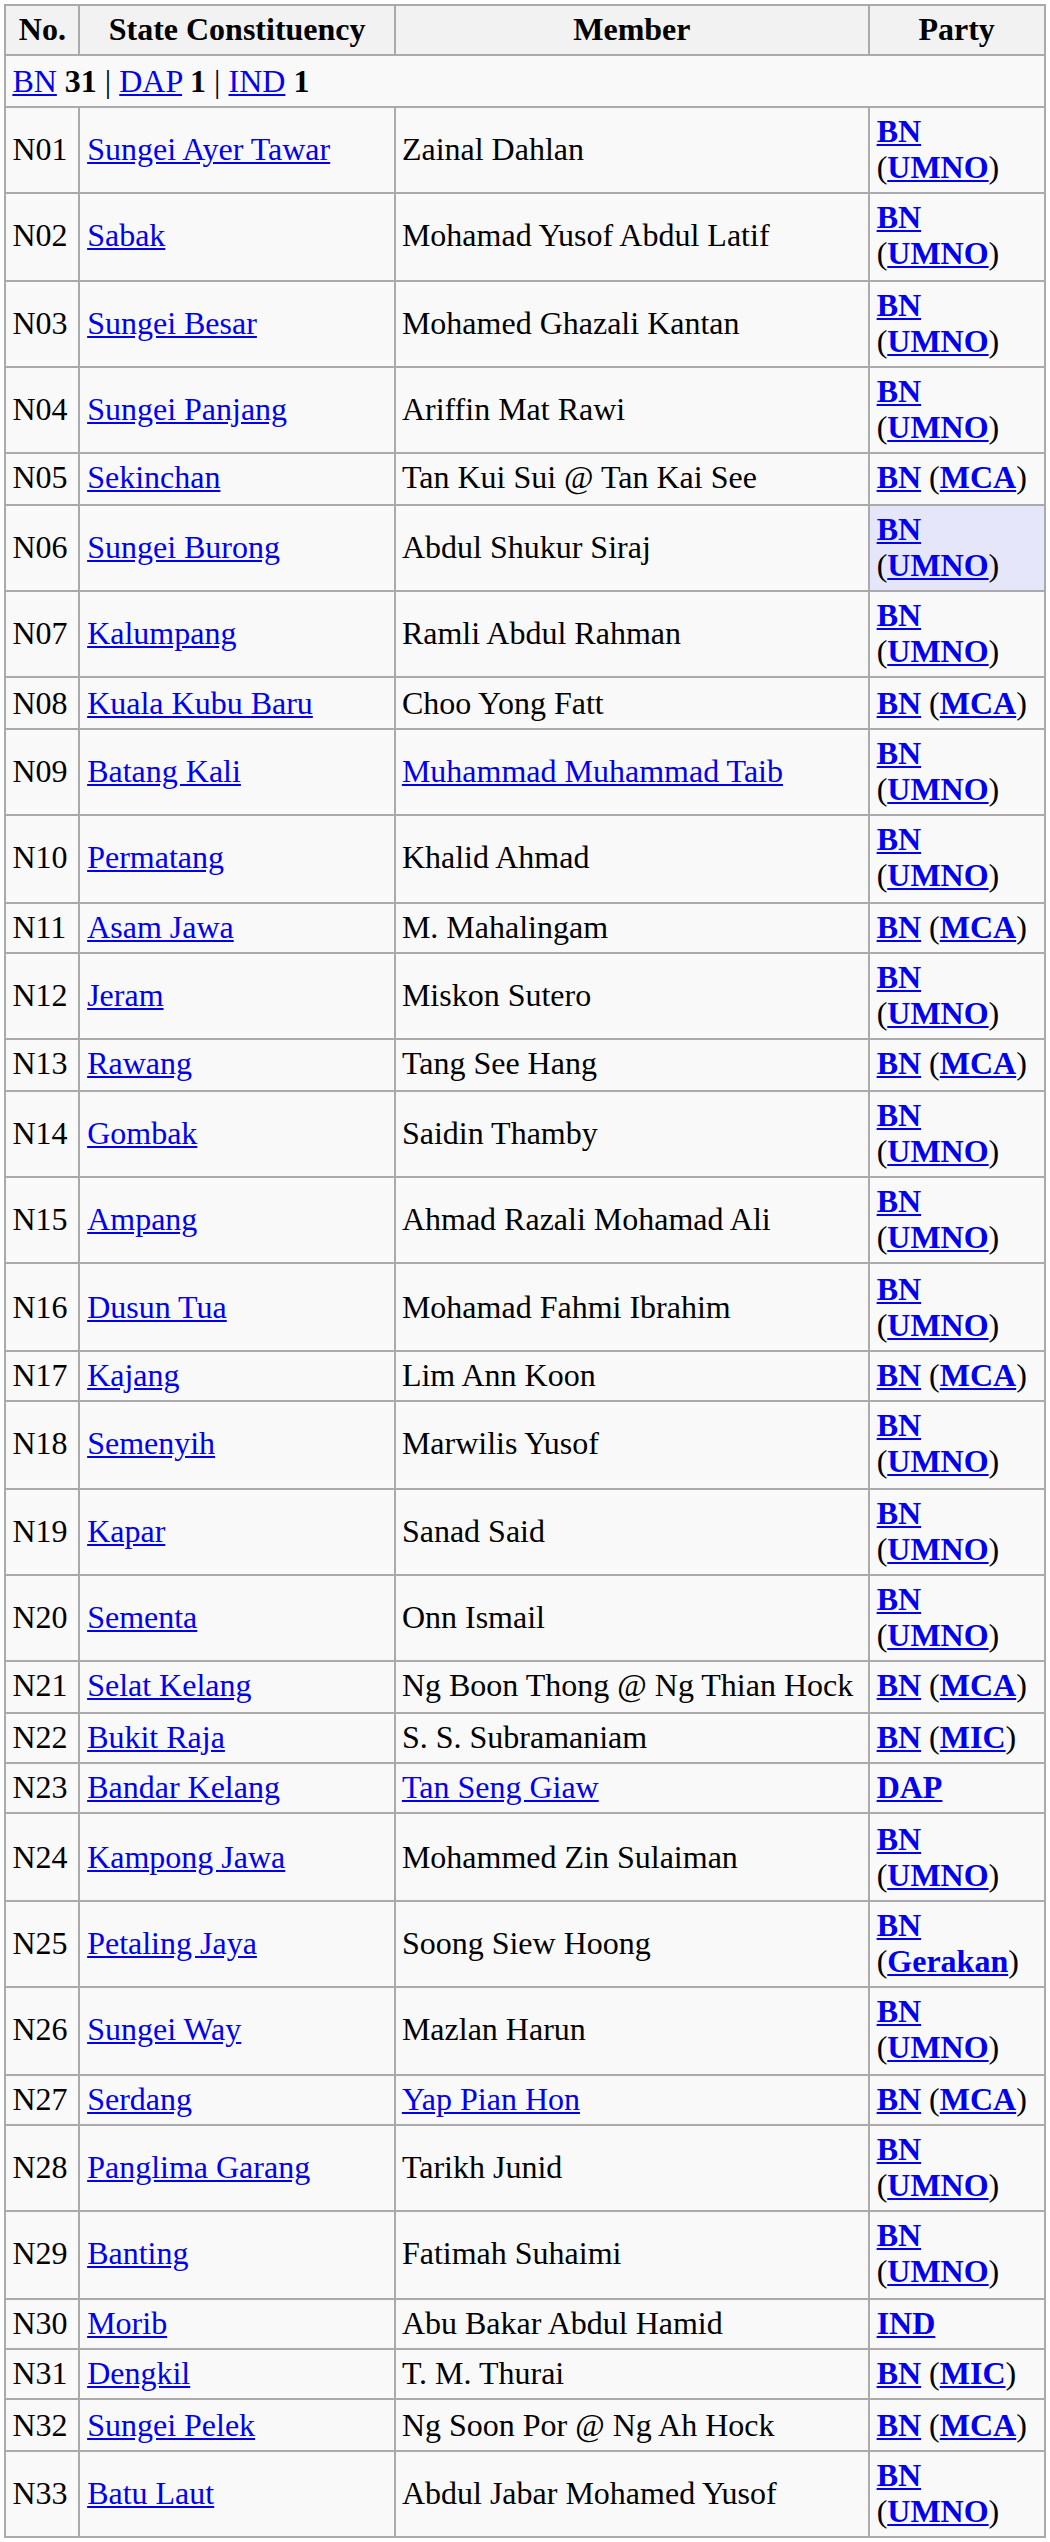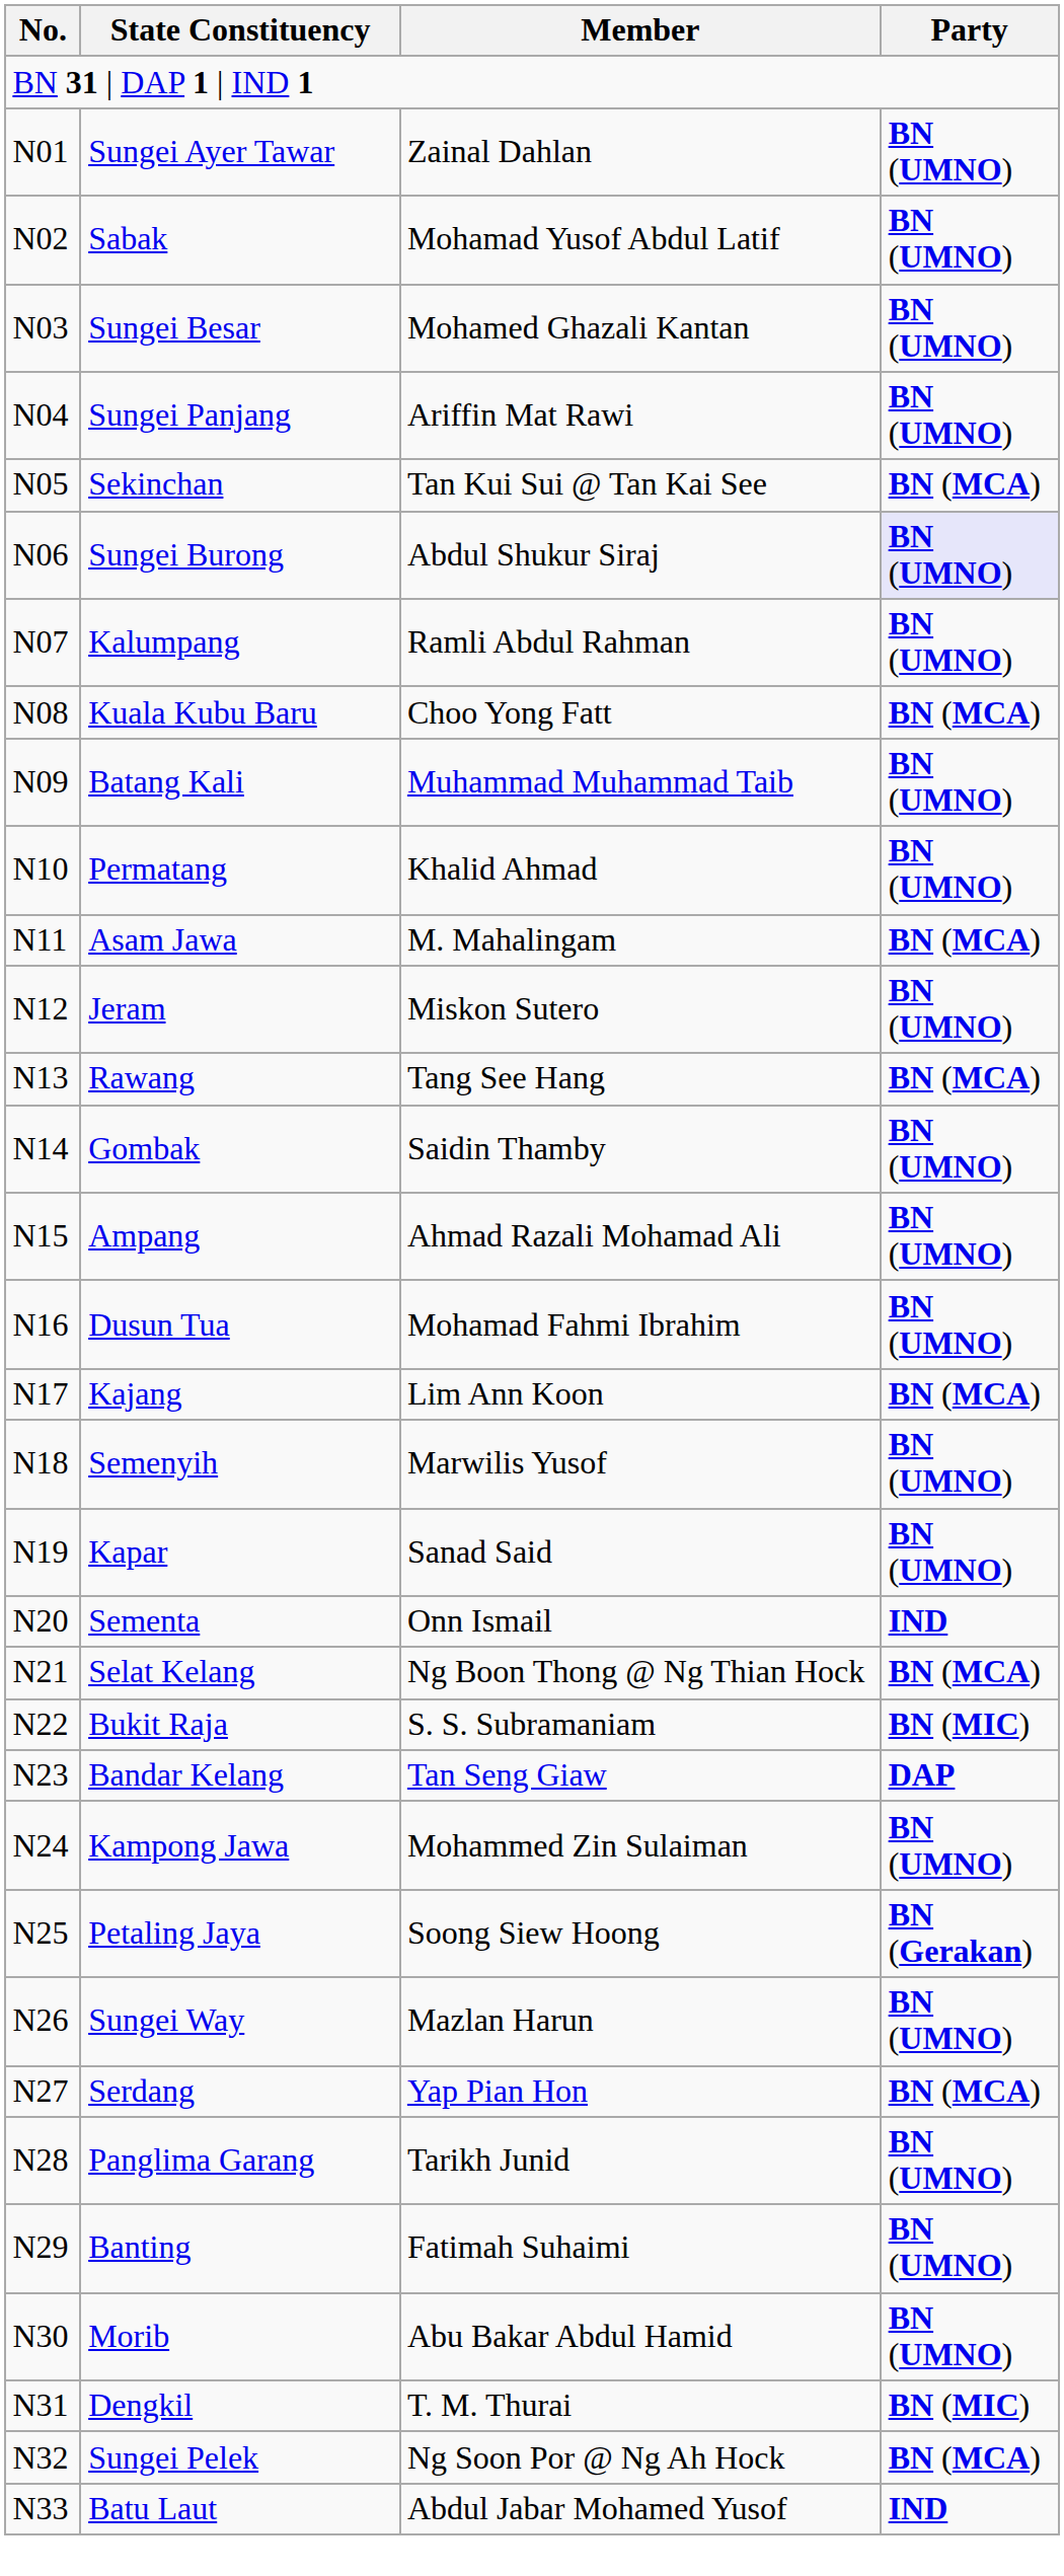 <table class="wikitable sortable">
 <tr>
 <th style="width:30px;">No.</th>
 <th style="width:150px;">State Constituency</th>
 <th style="width:230px;">Member</th>
 <th style="width:80px;">Party</th>
 </tr>
 <tr>
 <td colspan="4"><a href='#'>BN</a> <strong>31</strong> | <a href='#'>DAP</a> <strong>1</strong> | <a href='#'>IND</a> <strong>1</strong></td>
 </tr>
 <tr>
 <td>N01</td>
 <td><a href='#'>Sungei Ayer Tawar</a></td>
 <td>Zainal Dahlan</td>
 <td><strong><a href='#'>BN</a></strong> (<strong><a href='#'>UMNO</a></strong>)</td>
 </tr>
 <tr>
 <td>N02</td>
 <td><a href='#'>Sabak</a></td>
 <td>Mohamad Yusof Abdul Latif</td>
 <td><strong><a href='#'>BN</a></strong> (<strong><a href='#'>UMNO</a></strong>)</td>
 </tr>
 <tr>
 <td>N03</td>
 <td><a href='#'>Sungei Besar</a></td>
 <td>Mohamed Ghazali Kantan</td>
 <td><strong><a href='#'>BN</a></strong> (<strong><a href='#'>UMNO</a></strong>)</td>
 </tr>
 <tr>
 <td>N04</td>
 <td><a href='#'>Sungei Panjang</a></td>
 <td>Ariffin Mat Rawi</td>
 <td><strong><a href='#'>BN</a></strong> (<strong><a href='#'>UMNO</a></strong>)</td>
 </tr>
 <tr>
 <td>N05</td>
 <td><a href='#'>Sekinchan</a></td>
 <td>Tan Kui Sui @ Tan Kai See</td>
 <td><strong><a href='#'>BN</a></strong> (<strong><a href='#'>MCA</a></strong>)</td>
 </tr>
 <tr>
 <td>N06</td>
 <td><a href='#'>Sungei Burong</a></td>
 <td>Abdul Shukur Siraj</td>
 <td style="background: lavender;"><strong><a href='#'>BN</a></strong> (<strong><a href='#'>UMNO</a></strong>)</td>
 </tr>
 <tr>
 <td>N07</td>
 <td><a href='#'>Kalumpang</a></td>
 <td>Ramli Abdul Rahman</td>
 <td><strong><a href='#'>BN</a></strong> (<strong><a href='#'>UMNO</a></strong>)</td>
 </tr>
 <tr>
 <td>N08</td>
 <td><a href='#'>Kuala Kubu Baru</a></td>
 <td>Choo Yong Fatt</td>
 <td><strong><a href='#'>BN</a></strong> (<strong><a href='#'>MCA</a></strong>)</td>
 </tr>
 <tr>
 <td>N09</td>
 <td><a href='#'>Batang Kali</a></td>
 <td><a href='#'>Muhammad Muhammad Taib</a></td>
 <td><strong><a href='#'>BN</a></strong> (<strong><a href='#'>UMNO</a></strong>)</td>
 </tr>
 <tr>
 <td>N10</td>
 <td><a href='#'>Permatang</a></td>
 <td>Khalid Ahmad</td>
 <td><strong><a href='#'>BN</a></strong> (<strong><a href='#'>UMNO</a></strong>)</td>
 </tr>
 <tr>
 <td>N11</td>
 <td><a href='#'>Asam Jawa</a></td>
 <td>M. Mahalingam</td>
 <td><strong><a href='#'>BN</a></strong> (<strong><a href='#'>MCA</a></strong>)</td>
 </tr>
 <tr>
 <td>N12</td>
 <td><a href='#'>Jeram</a></td>
 <td>Miskon Sutero</td>
 <td><strong><a href='#'>BN</a></strong> (<strong><a href='#'>UMNO</a></strong>)</td>
 </tr>
 <tr>
 <td>N13</td>
 <td><a href='#'>Rawang</a></td>
 <td>Tang See Hang</td>
 <td><strong><a href='#'>BN</a></strong> (<strong><a href='#'>MCA</a></strong>)</td>
 </tr>
 <tr>
 <td>N14</td>
 <td><a href='#'>Gombak</a></td>
 <td>Saidin Thamby</td>
 <td><strong><a href='#'>BN</a></strong> (<strong><a href='#'>UMNO</a></strong>)</td>
 </tr>
 <tr>
 <td>N15</td>
 <td><a href='#'>Ampang</a></td>
 <td>Ahmad Razali Mohamad Ali</td>
 <td><strong><a href='#'>BN</a></strong> (<strong><a href='#'>UMNO</a></strong>)</td>
 </tr>
 <tr>
 <td>N16</td>
 <td><a href='#'>Dusun Tua</a></td>
 <td>Mohamad Fahmi Ibrahim</td>
 <td><strong><a href='#'>BN</a></strong> (<strong><a href='#'>UMNO</a></strong>)</td>
 </tr>
 <tr>
 <td>N17</td>
 <td><a href='#'>Kajang</a></td>
 <td>Lim Ann Koon</td>
 <td><strong><a href='#'>BN</a></strong> (<strong><a href='#'>MCA</a></strong>)</td>
 </tr>
 <tr>
 <td>N18</td>
 <td><a href='#'>Semenyih</a></td>
 <td>Marwilis Yusof</td>
 <td><strong><a href='#'>BN</a></strong> (<strong><a href='#'>UMNO</a></strong>)</td>
 </tr>
 <tr>
 <td>N19</td>
 <td><a href='#'>Kapar</a></td>
 <td>Sanad Said</td>
 <td><strong><a href='#'>BN</a></strong> (<strong><a href='#'>UMNO</a></strong>)</td>
 </tr>
 <tr>
 <td>N20</td>
 <td><a href='#'>Sementa</a></td>
 <td>Onn Ismail</td>
-<td><strong><a href='#'>BN</a></strong> (<strong><a href='#'>UMNO</a></strong>)</td>
+<td><strong><a href='#'>IND</a></strong></td>
 </tr>
 <tr>
 <td>N21</td>
 <td><a href='#'>Selat Kelang</a></td>
 <td>Ng Boon Thong @ Ng Thian Hock</td>
 <td><strong><a href='#'>BN</a></strong> (<strong><a href='#'>MCA</a></strong>)</td>
 </tr>
 <tr>
 <td>N22</td>
 <td><a href='#'>Bukit Raja</a></td>
 <td>S. S. Subramaniam</td>
 <td><strong><a href='#'>BN</a></strong> (<strong><a href='#'>MIC</a></strong>)</td>
 </tr>
 <tr>
 <td>N23</td>
 <td><a href='#'>Bandar Kelang</a></td>
 <td><a href='#'>Tan Seng Giaw</a></td>
 <td><strong><a href='#'>DAP</a></strong></td>
 </tr>
 <tr>
 <td>N24</td>
 <td><a href='#'>Kampong Jawa</a></td>
 <td>Mohammed Zin Sulaiman</td>
 <td><strong><a href='#'>BN</a></strong> (<strong><a href='#'>UMNO</a></strong>)</td>
 </tr>
 <tr>
 <td>N25</td>
 <td><a href='#'>Petaling Jaya</a></td>
 <td>Soong Siew Hoong</td>
 <td><strong><a href='#'>BN</a></strong> (<strong><a href='#'>Gerakan</a></strong>)</td>
 </tr>
 <tr>
 <td>N26</td>
 <td><a href='#'>Sungei Way</a></td>
 <td>Mazlan Harun</td>
 <td><strong><a href='#'>BN</a></strong> (<strong><a href='#'>UMNO</a></strong>)</td>
 </tr>
 <tr>
 <td>N27</td>
 <td><a href='#'>Serdang</a></td>
 <td><a href='#'>Yap Pian Hon</a></td>
 <td><strong><a href='#'>BN</a></strong> (<strong><a href='#'>MCA</a></strong>)</td>
 </tr>
 <tr>
 <td>N28</td>
 <td><a href='#'>Panglima Garang</a></td>
 <td>Tarikh Junid</td>
 <td><strong><a href='#'>BN</a></strong> (<strong><a href='#'>UMNO</a></strong>)</td>
 </tr>
 <tr>
 <td>N29</td>
 <td><a href='#'>Banting</a></td>
 <td>Fatimah Suhaimi</td>
 <td><strong><a href='#'>BN</a></strong> (<strong><a href='#'>UMNO</a></strong>)</td>
 </tr>
 <tr>
 <td>N30</td>
 <td><a href='#'>Morib</a></td>
 <td>Abu Bakar Abdul Hamid</td>
-<td><strong><a href='#'>IND</a></strong></td>
+<td><strong><a href='#'>BN</a></strong> (<strong><a href='#'>UMNO</a></strong>)</td>
 </tr>
 <tr>
 <td>N31</td>
 <td><a href='#'>Dengkil</a></td>
 <td>T. M. Thurai</td>
 <td><strong><a href='#'>BN</a></strong> (<strong><a href='#'>MIC</a></strong>)</td>
 </tr>
 <tr>
 <td>N32</td>
 <td><a href='#'>Sungei Pelek</a></td>
 <td>Ng Soon Por @ Ng Ah Hock</td>
 <td><strong><a href='#'>BN</a></strong> (<strong><a href='#'>MCA</a></strong>)</td>
 </tr>
 <tr>
 <td>N33</td>
 <td><a href='#'>Batu Laut</a></td>
 <td>Abdul Jabar Mohamed Yusof</td>
-<td><strong><a href='#'>BN</a></strong> (<strong><a href='#'>UMNO</a></strong>)</td>
+<td><strong><a href='#'>IND</a></strong></td>
 </tr>
 </table>
